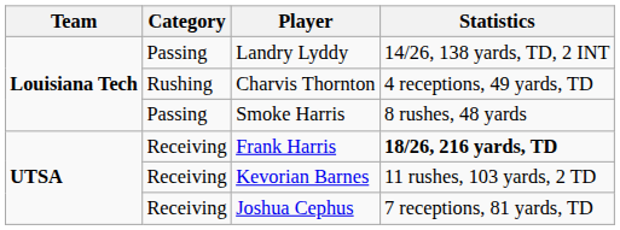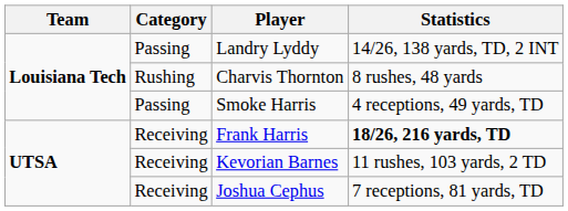 <table class="wikitable" style="float: left;">
 <tr>
 <th>Team</th>
 <th>Category</th>
 <th>Player</th>
 <th>Statistics</th>
 </tr>
 <tr>
 <td rowspan=3><strong>Louisiana Tech</strong></td>
 <td>Passing</td>
 <td>Landry Lyddy</td>
 <td>14/26, 138 yards, TD, 2 INT</td>
 </tr>
 <tr>
 <td>Rushing</td>
 <td>Charvis Thornton</td>
-<td>4 receptions, 49 yards, TD</td>
+<td>8 rushes, 48 yards</td>
 </tr>
 <tr>
 <td>Passing</td>
 <td>Smoke Harris</td>
-<td>8 rushes, 48 yards</td>
+<td>4 receptions, 49 yards, TD</td>
 </tr>
 <tr>
 <td rowspan=3><strong>UTSA</strong></td>
 <td>Receiving</td>
 <td><a href='#'>Frank Harris</a></td>
 <td><strong>18/26, 216 yards, TD</strong></td>
 </tr>
 <tr>
 <td>Receiving</td>
 <td><a href='#'>Kevorian Barnes</a></td>
 <td>11 rushes, 103 yards, 2 TD</td>
 </tr>
 <tr>
 <td>Receiving</td>
 <td><a href='#'>Joshua Cephus</a></td>
 <td>7 receptions, 81 yards, TD</td>
 </tr>
 </table>
